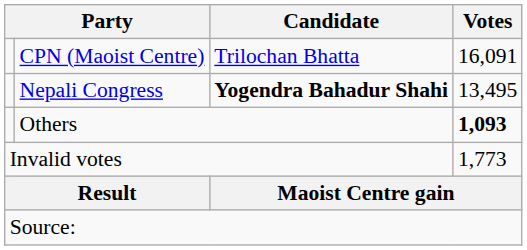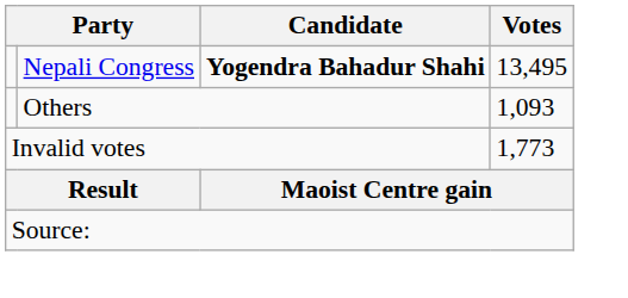 <table class="wikitable">
 <tr>
 <th colspan="2">Party</th>
 <th>Candidate</th>
 <th>Votes</th>
-</tr>
-<tr>
-<td style="background-color:"></td>
-<td><a href='#'>CPN (Maoist Centre)</a></td>
-<td><a href='#'>Trilochan Bhatta</a></td>
-<td>16,091</td>
 </tr>
 <tr>
 <td style="background-color:"></td>
 <td><a href='#'>Nepali Congress</a></td>
 <td><strong>Yogendra Bahadur Shahi</strong></td>
 <td>13,495</td>
 </tr>
 <tr>
 <td></td>
 <td colspan="2">Others</td>
-<td><strong>1,093</strong></td>
+<td>1,093</td>
 </tr>
 <tr>
 <td colspan="3">Invalid votes</td>
 <td>1,773</td>
 </tr>
 <tr>
 <th colspan="2">Result</th>
 <th colspan="2">Maoist Centre gain</th>
 </tr>
 <tr>
 <td colspan="4">Source: </td>
 </tr>
 </table>
